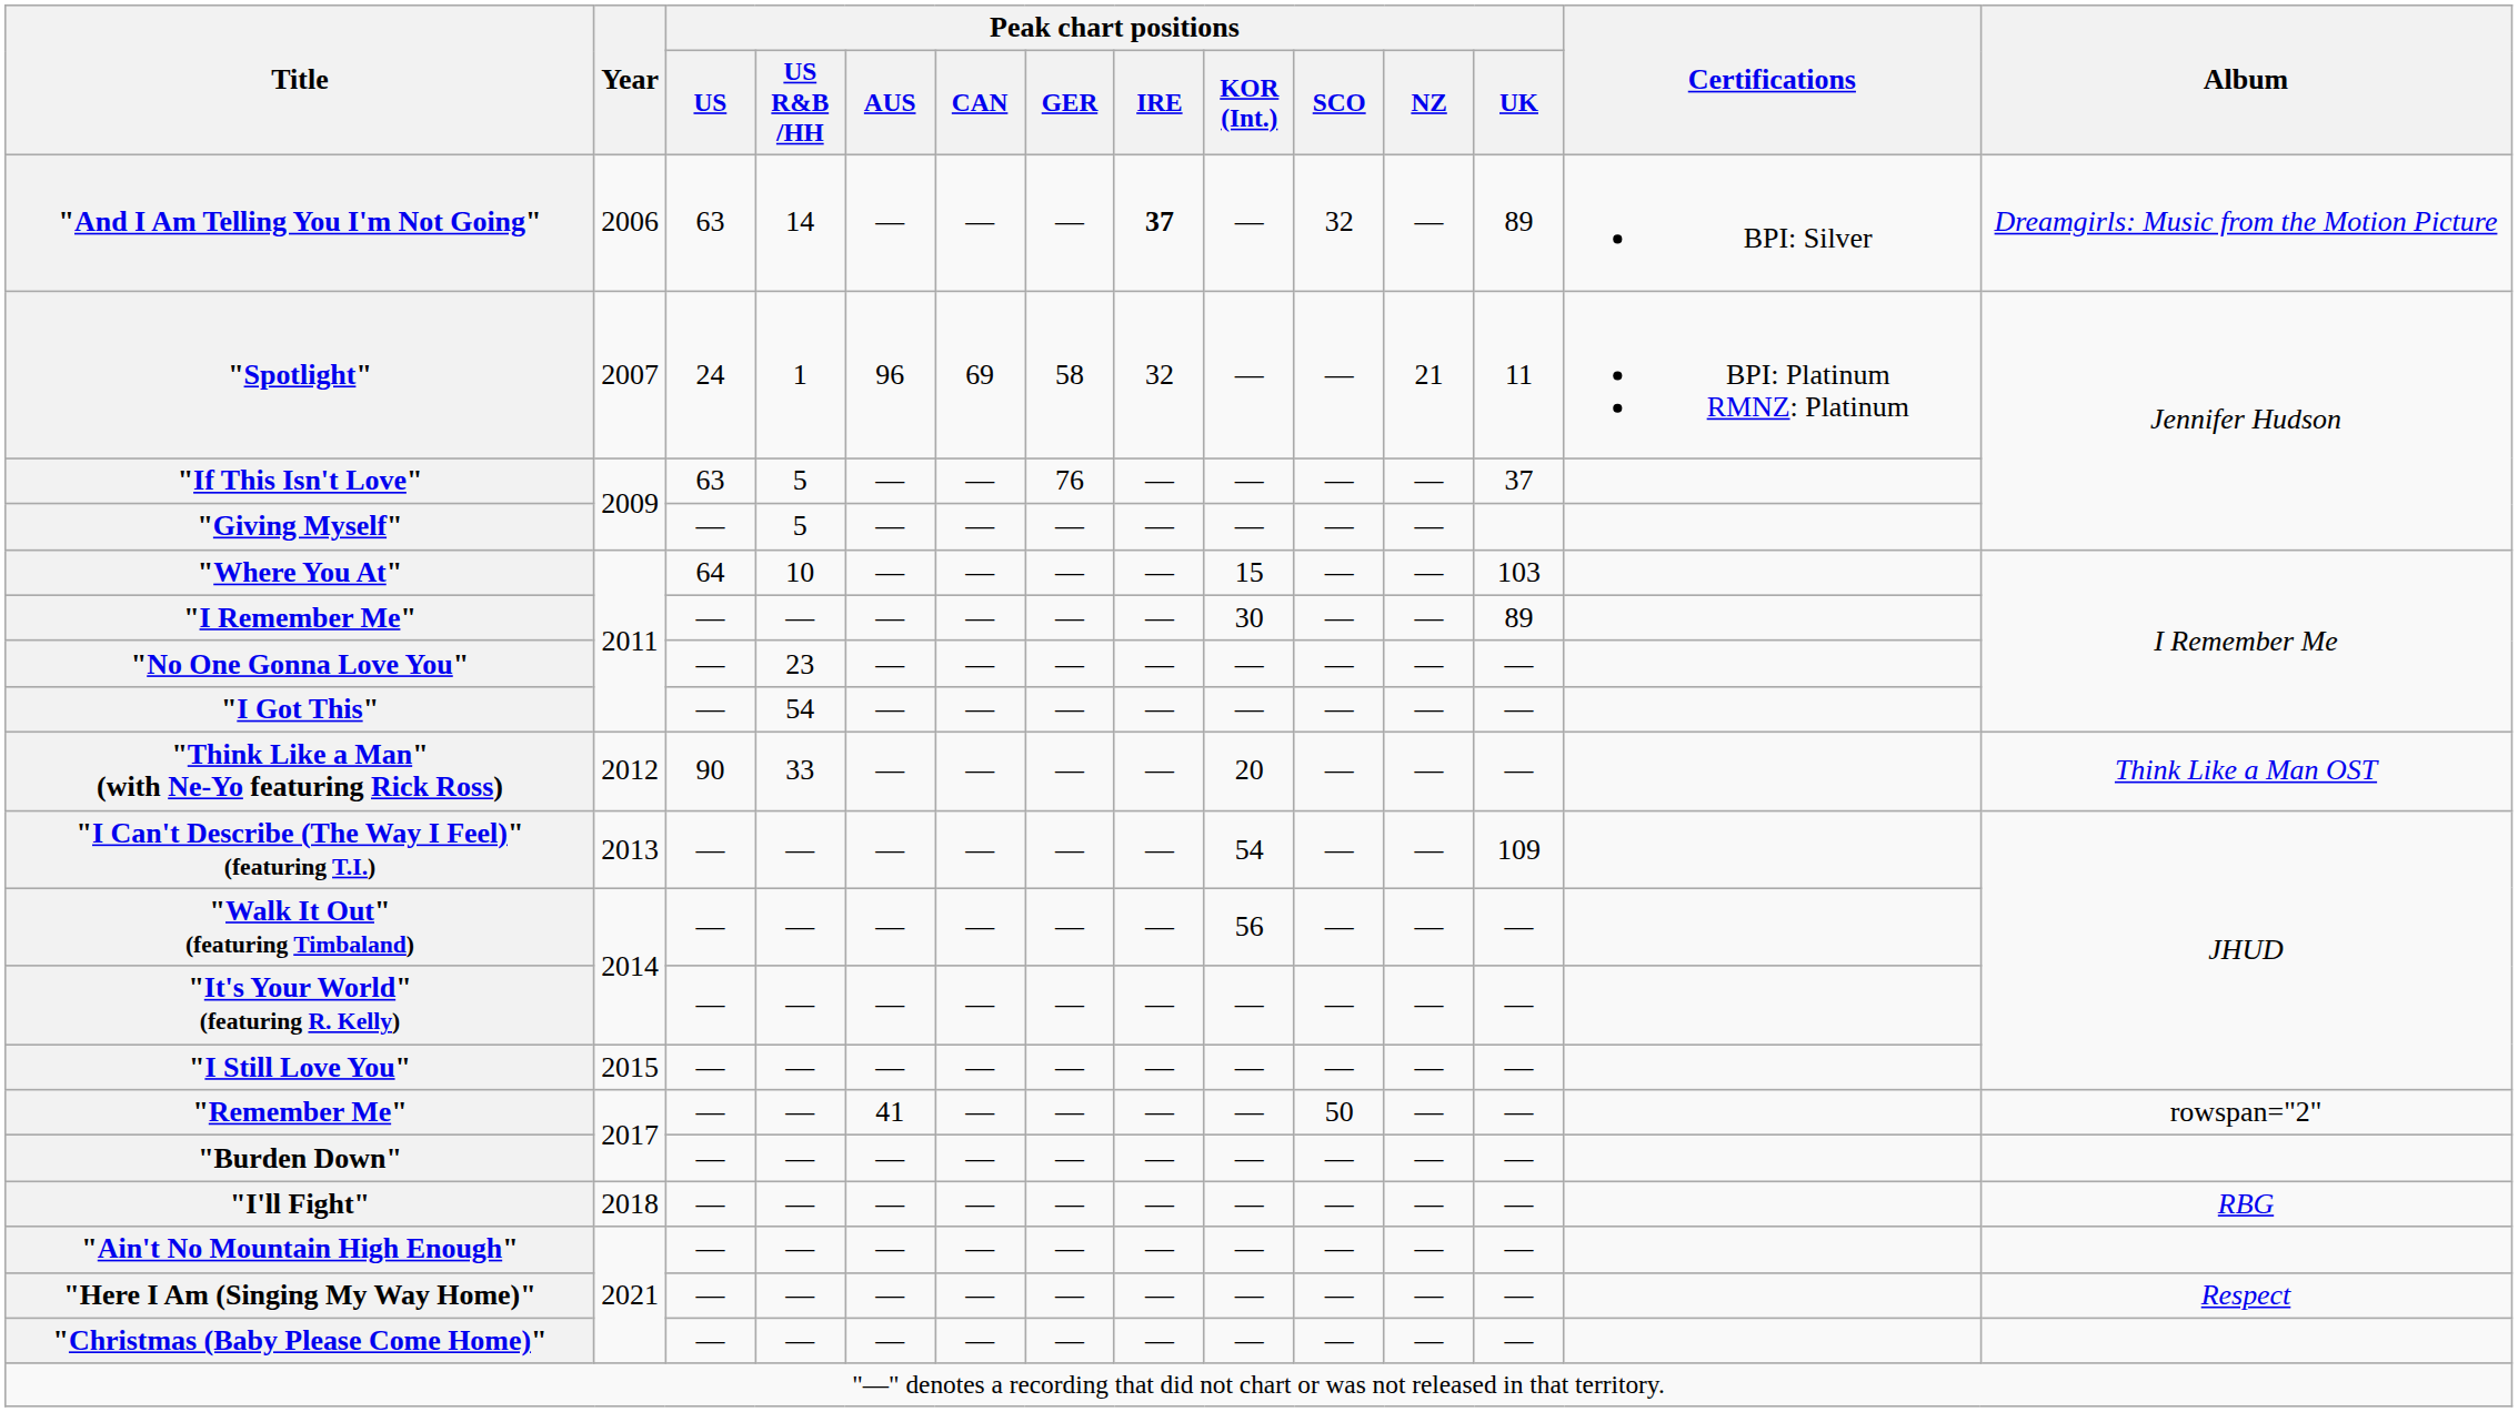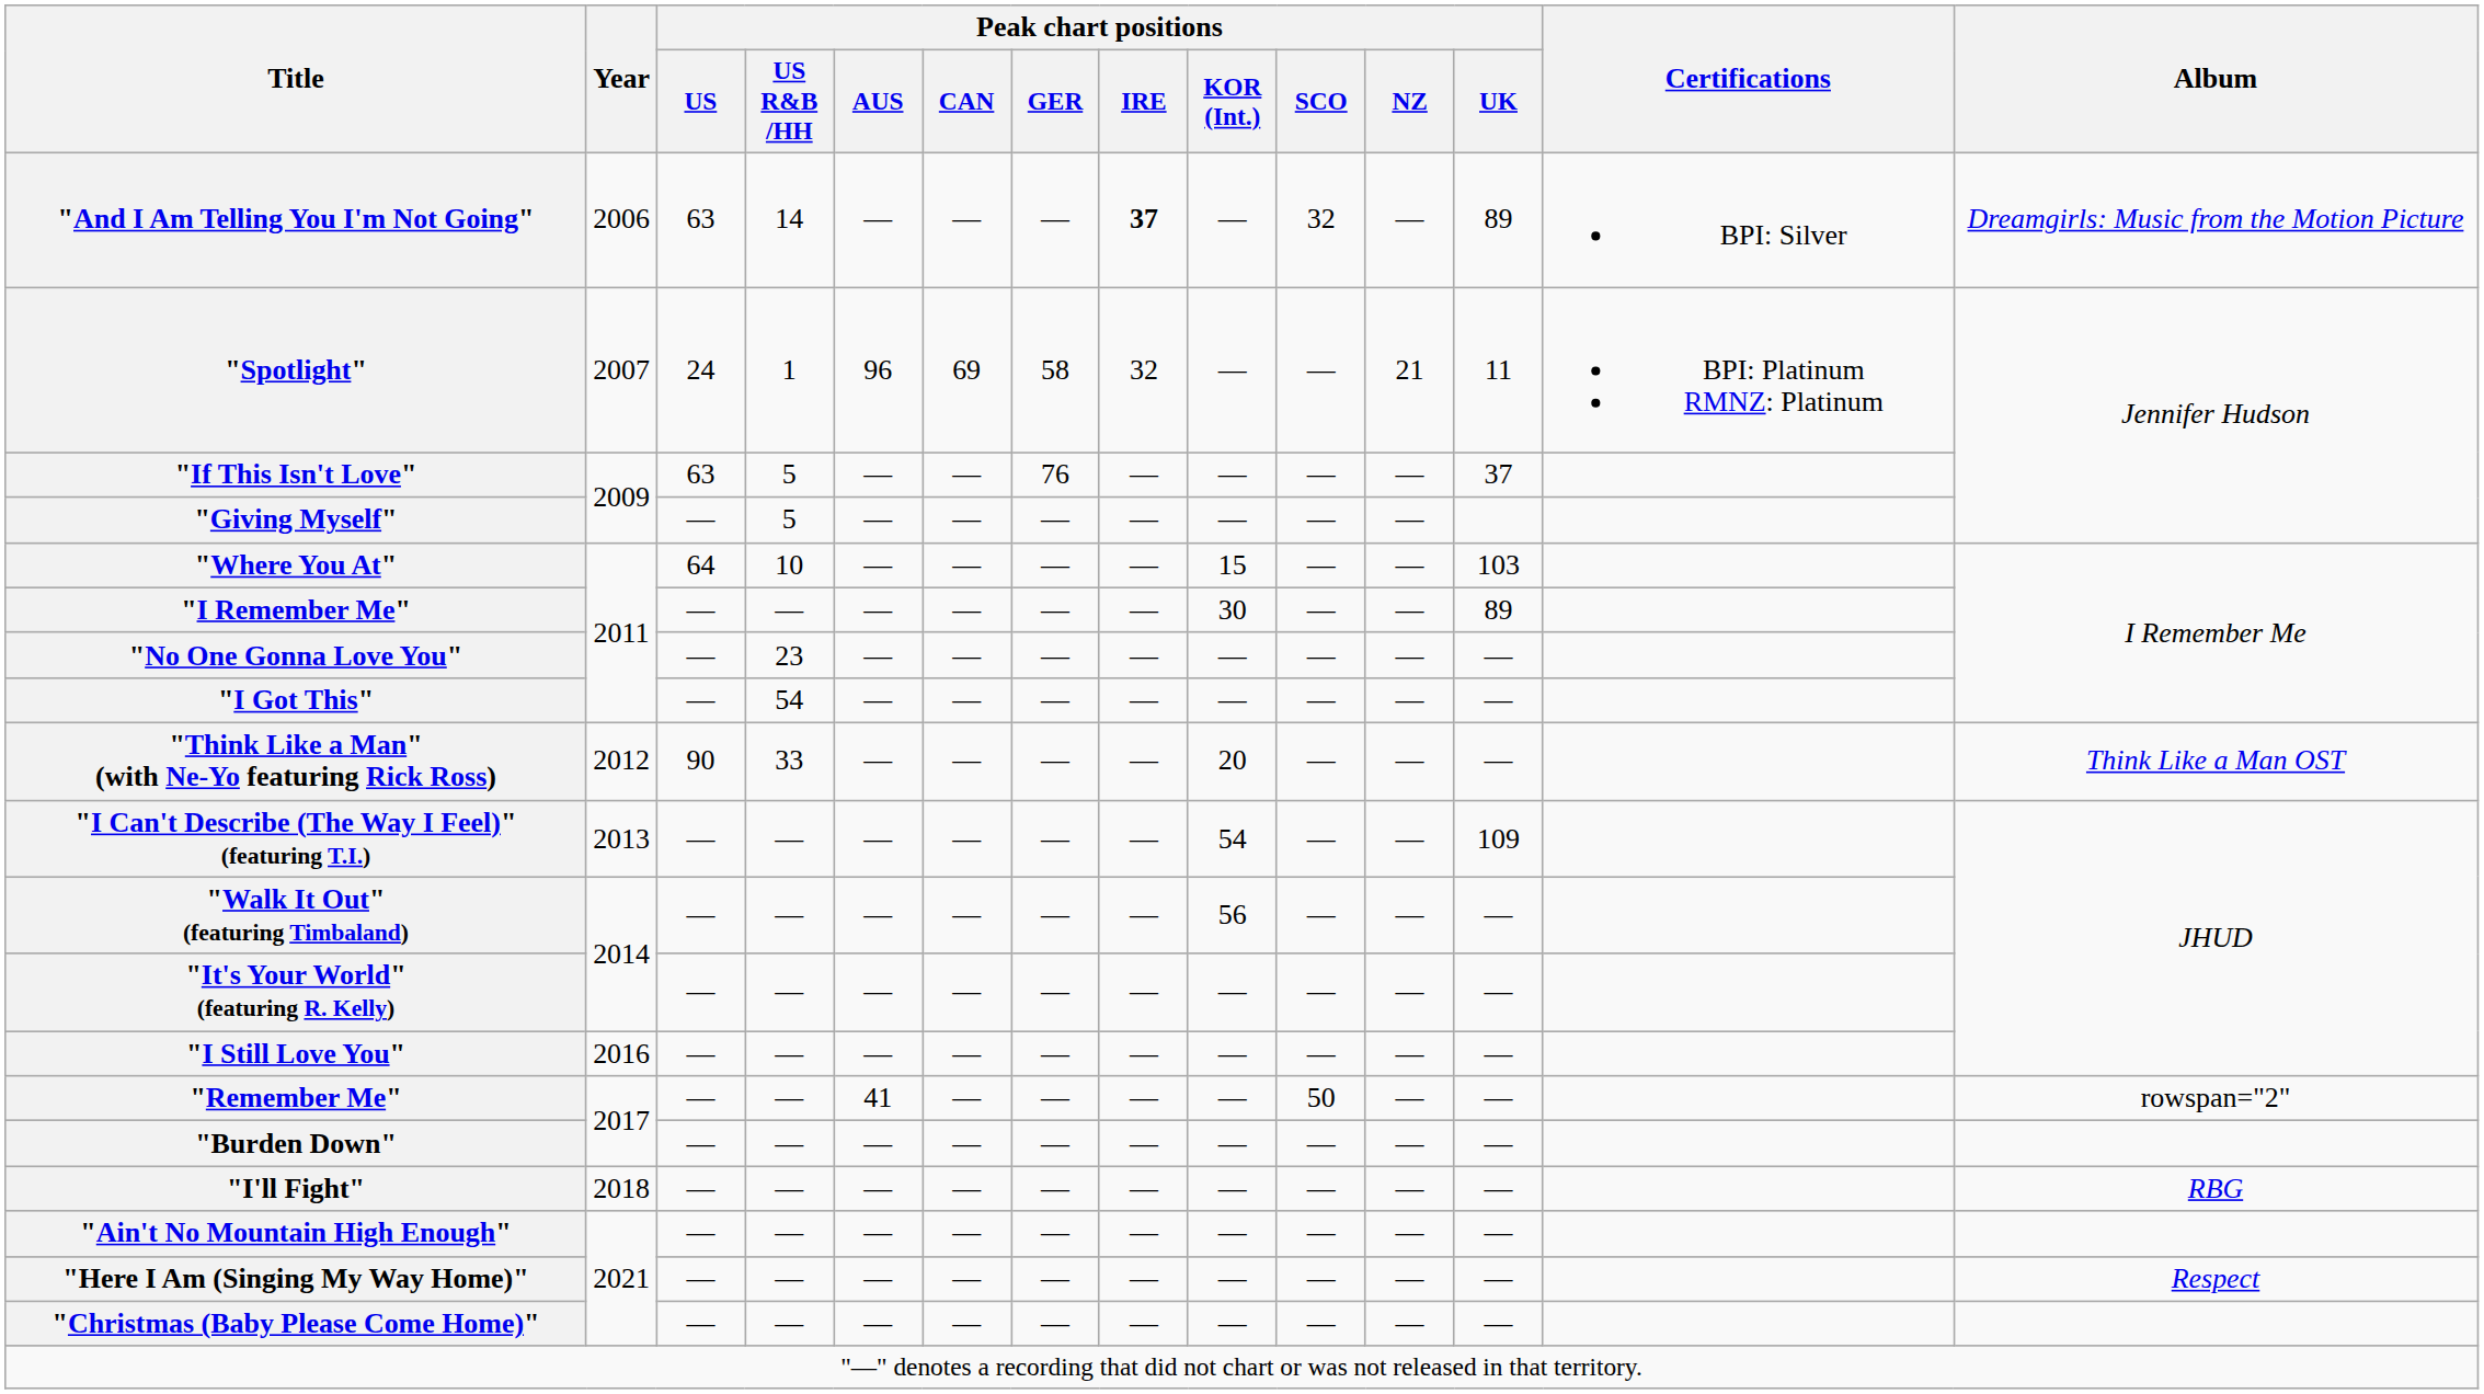 <table class="wikitable plainrowheaders" style="text-align:center;" border="1">
 <tr>
 <th scope="col" rowspan="2" style="width:20em;">Title</th>
 <th scope="col" rowspan="2" style="width:1em;">Year</th>
 <th scope="col" colspan="10">Peak chart positions</th>
 <th scope="col" rowspan="2" style="width:14em;"><a href='#'>Certifications</a></th>
 <th scope="col" rowspan="2" style="width:18em;">Album</th>
 </tr>
 <tr>
 <th scope="col" style="width:3em;font-size:90%;"><a href='#'>US</a><br></th>
 <th scope="col" style="width:3em;font-size:90%;"><a href='#'>US R&B<br>/HH</a><br></th>
 <th scope="col" style="width:3em;font-size:90%;"><a href='#'>AUS</a><br></th>
 <th scope="col" style="width:3em;font-size:90%;"><a href='#'>CAN</a><br></th>
 <th scope="col" style="width:3em;font-size:90%;"><a href='#'>GER</a><br></th>
 <th scope="col" style="width:3em;font-size:90%;"><a href='#'>IRE</a><br></th>
 <th scope="col" style="width:3em;font-size:90%;"><a href='#'>KOR (Int.)</a><br></th>
 <th scope="col" style="width:3em;font-size:90%;"><a href='#'>SCO</a><br></th>
 <th scope="col" style="width:3em;font-size:90%;"><a href='#'>NZ</a><br></th>
 <th scope="col" style="width:3em;font-size:90%;"><a href='#'>UK</a><br></th>
 </tr>
 <tr>
 <th scope="row">"<a href='#'>And I Am Telling You I'm Not Going</a>"</th>
 <td>2006</td>
 <td>63</td>
 <td>14</td>
 <td>—</td>
 <td>—</td>
 <td>—</td>
 <td><strong>37</strong></td>
 <td>—</td>
 <td>32</td>
 <td>—</td>
 <td>89</td>
 <td><br><ul><li>BPI: Silver</li></ul></td>
 <td><em><a href='#'>Dreamgirls: Music from the Motion Picture</a></em></td>
 </tr>
 <tr>
 <th scope="row">"<a href='#'>Spotlight</a>"</th>
 <td>2007</td>
 <td>24</td>
 <td>1</td>
 <td>96</td>
 <td>69</td>
 <td>58</td>
 <td>32</td>
 <td>—</td>
 <td>—</td>
 <td>21</td>
 <td>11</td>
 <td><br><ul><li>BPI: Platinum</li><li><a href='#'>RMNZ</a>: Platinum</li></ul></td>
 <td rowspan="3"><em>Jennifer Hudson</em></td>
 </tr>
 <tr>
 <th scope="row">"<a href='#'>If This Isn't Love</a>"</th>
 <td rowspan="2">2009</td>
 <td>63</td>
 <td>5</td>
 <td>—</td>
 <td>—</td>
 <td>76</td>
 <td>—</td>
 <td>—</td>
 <td>—</td>
 <td>—</td>
 <td>37</td>
 <td></td>
 </tr>
 <tr>
 <th scope="row">"<a href='#'>Giving Myself</a>"</th>
 <td>—</td>
 <td>5</td>
 <td>—</td>
 <td>—</td>
 <td>—</td>
 <td>—</td>
 <td>—</td>
 <td>—</td>
 <td>—</td>
 <td></td>
 </tr>
 <tr>
 <th scope="row">"<a href='#'>Where You At</a>"</th>
 <td rowspan="4">2011</td>
 <td>64</td>
 <td>10</td>
 <td>—</td>
 <td>—</td>
 <td>—</td>
 <td>—</td>
 <td>15</td>
 <td>—</td>
 <td>—</td>
 <td>103</td>
 <td></td>
 <td rowspan="4"><em>I Remember Me</em></td>
 </tr>
 <tr>
 <th scope="row">"<a href='#'>I Remember Me</a>"</th>
 <td>—</td>
 <td>—</td>
 <td>—</td>
 <td>—</td>
 <td>—</td>
 <td>—</td>
 <td>30</td>
 <td>—</td>
 <td>—</td>
 <td>89</td>
 <td></td>
 </tr>
 <tr>
 <th scope="row">"<a href='#'>No One Gonna Love You</a>"</th>
 <td>—</td>
 <td>23</td>
 <td>—</td>
 <td>—</td>
 <td>—</td>
 <td>—</td>
 <td>—</td>
 <td>—</td>
 <td>—</td>
 <td>—</td>
 <td></td>
 </tr>
 <tr>
 <th scope="row">"<a href='#'>I Got This</a>"</th>
 <td>—</td>
 <td>54</td>
 <td>—</td>
 <td>—</td>
 <td>—</td>
 <td>—</td>
 <td>—</td>
 <td>—</td>
 <td>—</td>
 <td>—</td>
 <td></td>
 </tr>
 <tr>
 <th scope="row">"<a href='#'>Think Like a Man</a>" <br><span>(with <a href='#'>Ne-Yo</a> featuring <a href='#'>Rick Ross</a>)</span></th>
 <td>2012</td>
 <td>90</td>
 <td>33</td>
 <td>—</td>
 <td>—</td>
 <td>—</td>
 <td>—</td>
 <td>20</td>
 <td>—</td>
 <td>—</td>
 <td>—</td>
 <td></td>
 <td><em><a href='#'>Think Like a Man OST</a></em></td>
 </tr>
 <tr>
 <th scope="row">"<a href='#'>I Can't Describe (The Way I Feel)</a>" <br><small>(featuring <a href='#'>T.I.</a>)</small></th>
 <td>2013</td>
 <td>—</td>
 <td>—</td>
 <td>—</td>
 <td>—</td>
 <td>—</td>
 <td>—</td>
 <td>54</td>
 <td>—</td>
 <td>—</td>
 <td>109</td>
 <td></td>
 <td rowspan="4"><em>JHUD</em></td>
 </tr>
 <tr>
 <th scope="row">"<a href='#'>Walk It Out</a>" <br><small>(featuring <a href='#'>Timbaland</a>)</small></th>
 <td rowspan="2">2014</td>
 <td>—</td>
 <td>—</td>
 <td>—</td>
 <td>—</td>
 <td>—</td>
 <td>—</td>
 <td>56</td>
 <td>—</td>
 <td>—</td>
 <td>—</td>
 <td></td>
 </tr>
 <tr>
 <th scope="row">"<a href='#'>It's Your World</a>" <br><small>(featuring <a href='#'>R. Kelly</a>)</small></th>
 <td>—</td>
 <td>—</td>
 <td>—</td>
 <td>—</td>
 <td>—</td>
 <td>—</td>
 <td>—</td>
 <td>—</td>
 <td>—</td>
 <td>—</td>
 </tr>
 <tr>
 <th scope="row">"<a href='#'>I Still Love You</a>"</th>
-<td>2015</td>
+<td>2016</td>
 <td>—</td>
 <td>—</td>
 <td>—</td>
 <td>—</td>
 <td>—</td>
 <td>—</td>
 <td>—</td>
 <td>—</td>
 <td>—</td>
 <td>—</td>
 <td></td>
 </tr>
 <tr>
 <th scope="row">"<a href='#'>Remember Me</a>"</th>
 <td rowspan="2">2017</td>
 <td>—</td>
 <td>—</td>
 <td>41</td>
 <td>—</td>
 <td>—</td>
 <td>—</td>
 <td>—</td>
 <td>50</td>
 <td>—</td>
 <td>—</td>
 <td></td>
 <td>rowspan="2" </td>
 </tr>
 <tr>
 <th scope="row">"Burden Down"</th>
 <td>—</td>
 <td>—</td>
 <td>—</td>
 <td>—</td>
 <td>—</td>
 <td>—</td>
 <td>—</td>
 <td>—</td>
 <td>—</td>
 <td>—</td>
 <td></td>
 </tr>
 <tr>
 <th scope="row">"I'll Fight"</th>
 <td>2018</td>
 <td>—</td>
 <td>—</td>
 <td>—</td>
 <td>—</td>
 <td>—</td>
 <td>—</td>
 <td>—</td>
 <td>—</td>
 <td>—</td>
 <td>—</td>
 <td></td>
 <td><em><a href='#'>RBG</a></em></td>
 </tr>
 <tr>
 <th scope="row">"<a href='#'>Ain't No Mountain High Enough</a>"</th>
 <td rowspan="3">2021</td>
 <td>—</td>
 <td>—</td>
 <td>—</td>
 <td>—</td>
 <td>—</td>
 <td>—</td>
 <td>—</td>
 <td>—</td>
 <td>—</td>
 <td>—</td>
 <td></td>
 <td></td>
 </tr>
 <tr>
 <th scope="row">"Here I Am (Singing My Way Home)"</th>
 <td>—</td>
 <td>—</td>
 <td>—</td>
 <td>—</td>
 <td>—</td>
 <td>—</td>
 <td>—</td>
 <td>—</td>
 <td>—</td>
 <td>—</td>
 <td></td>
 <td><em><a href='#'>Respect</a></em></td>
 </tr>
 <tr>
 <th scope="row">"<a href='#'>Christmas (Baby Please Come Home)</a>"</th>
 <td>—</td>
 <td>—</td>
 <td>—</td>
 <td>—</td>
 <td>—</td>
 <td>—</td>
 <td>—</td>
 <td>—</td>
 <td>—</td>
 <td>—</td>
 <td></td>
 <td></td>
 </tr>
 <tr>
 <td colspan="14" style="font-size:90%">"—" denotes a recording that did not chart or was not released in that territory.</td>
 </tr>
 </table>
